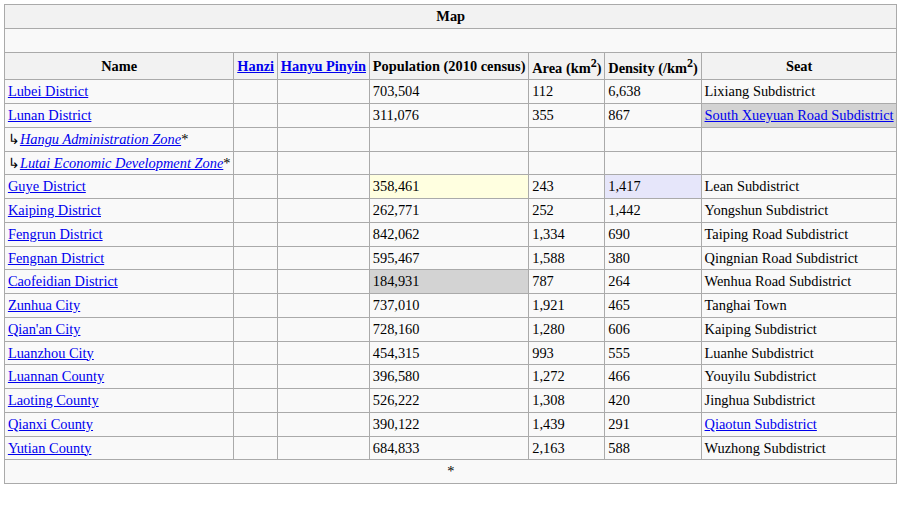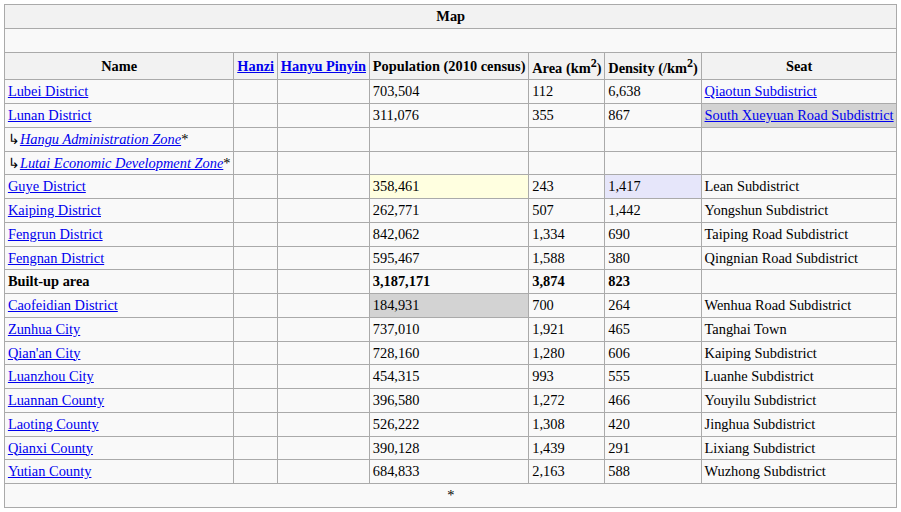 <table class="wikitable" style="font-size:90%;" align=center>
 <tr>
 <th colspan="7" align="center">Map</th>
 </tr>
 <tr>
 <td colspan="7" align="center"><div><br>                     </div></td>
 </tr>
 <tr>
 <th>Name</th>
 <th><a href='#'>Hanzi</a></th>
 <th><a href='#'>Hanyu Pinyin</a></th>
 <th>Population (2010 census)</th>
 <th>Area (km<sup>2</sup>)</th>
 <th>Density (/km<sup>2</sup>)</th>
 <th>Seat</th>
 </tr>
 <tr>
 <td><a href='#'>Lubei District</a></td>
 <td></td>
 <td></td>
 <td>703,504</td>
 <td>112</td>
 <td>6,638</td>
-<td>Lixiang Subdistrict</td>
+<td><a href='#'>Qiaotun Subdistrict</a></td>
 </tr>
 <tr>
 <td><a href='#'>Lunan District</a></td>
 <td></td>
 <td></td>
 <td>311,076</td>
 <td>355</td>
 <td>867</td>
 <td style="background: lightgrey;"><a href='#'>South Xueyuan Road Subdistrict</a></td>
 </tr>
 <tr>
 <td>↳<em><a href='#'>Hangu Administration Zone</a></em>*</td>
 <td></td>
 <td></td>
 <td></td>
 <td></td>
 <td></td>
 <td></td>
 </tr>
 <tr>
 <td>↳<em><a href='#'>Lutai Economic Development Zone</a></em>*</td>
 <td></td>
 <td></td>
 <td></td>
 <td></td>
 <td></td>
 <td></td>
 </tr>
 <tr>
 <td><a href='#'>Guye District</a></td>
 <td></td>
 <td></td>
 <td style="background: lightyellow;">358,461</td>
 <td>243</td>
 <td style="background: lavender;">1,417</td>
 <td>Lean Subdistrict</td>
 </tr>
 <tr>
 <td><a href='#'>Kaiping District</a></td>
 <td></td>
 <td></td>
 <td>262,771</td>
-<td>252</td>
+<td>507</td>
 <td>1,442</td>
 <td>Yongshun Subdistrict</td>
 </tr>
 <tr>
 <td><a href='#'>Fengrun District</a></td>
 <td></td>
 <td></td>
 <td>842,062</td>
 <td>1,334</td>
 <td>690</td>
 <td>Taiping Road Subdistrict</td>
 </tr>
 <tr>
 <td><a href='#'>Fengnan District</a></td>
 <td></td>
 <td></td>
 <td>595,467</td>
 <td>1,588</td>
 <td>380</td>
 <td>Qingnian Road Subdistrict</td>
 </tr>
 <tr>
+<td><strong>Built-up area</strong></td>
+<td></td>
+<td></td>
+<td><strong>3,187,171</strong></td>
+<td><strong>3,874</strong></td>
+<td><strong>823</strong></td>
+<td></td>
+</tr>
+<tr>
 <td><a href='#'>Caofeidian District</a></td>
 <td></td>
 <td></td>
 <td style="background: lightgrey;">184,931</td>
-<td>787</td>
+<td>700</td>
 <td>264</td>
 <td>Wenhua Road Subdistrict</td>
 </tr>
 <tr>
 <td><a href='#'>Zunhua City</a></td>
 <td></td>
 <td></td>
 <td>737,010</td>
 <td>1,921</td>
 <td>465</td>
 <td>Tanghai Town</td>
 </tr>
 <tr>
 <td><a href='#'>Qian'an City</a></td>
 <td></td>
 <td></td>
 <td>728,160</td>
 <td>1,280</td>
 <td>606</td>
 <td>Kaiping Subdistrict</td>
 </tr>
 <tr>
 <td><a href='#'>Luanzhou City</a></td>
 <td></td>
 <td></td>
 <td>454,315</td>
 <td>993</td>
 <td>555</td>
 <td>Luanhe Subdistrict</td>
 </tr>
 <tr>
 <td><a href='#'>Luannan County</a></td>
 <td></td>
 <td></td>
 <td>396,580</td>
 <td>1,272</td>
 <td>466</td>
 <td>Youyilu Subdistrict</td>
 </tr>
 <tr>
 <td><a href='#'>Laoting County</a></td>
 <td></td>
 <td></td>
 <td>526,222</td>
 <td>1,308</td>
 <td>420</td>
 <td>Jinghua Subdistrict</td>
 </tr>
 <tr>
 <td><a href='#'>Qianxi County</a></td>
 <td></td>
 <td></td>
-<td>390,122</td>
+<td>390,128</td>
 <td>1,439</td>
 <td>291</td>
-<td><a href='#'>Qiaotun Subdistrict</a></td>
+<td>Lixiang Subdistrict</td>
 </tr>
 <tr>
 <td><a href='#'>Yutian County</a></td>
 <td></td>
 <td></td>
 <td>684,833</td>
 <td>2,163</td>
 <td>588</td>
 <td>Wuzhong Subdistrict</td>
 </tr>
 <tr>
 <td colspan="7" align="center">*</td>
 </tr>
 </table>
